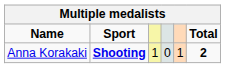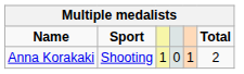 <table class="wikitable" style="font-size:85%; float:left;">
 <tr style="background:#efefef;">
 <th colspan=7>Multiple medalists</th>
 </tr>
 <tr align=center>
 <td><strong>Name</strong></td>
 <td><strong>Sport</strong></td>
 <td style="background:#f7f6a8;"></td>
 <td style="background:#dce5e5;"></td>
 <td style="background:#ffdab9;"></td>
 <td><strong>Total</strong></td>
 </tr>
 <tr align=center>
 <td><a href='#'>Anna Korakaki</a></td>
-<td><strong><a href='#'>Shooting</a></strong></td>
+<td><a href='#'>Shooting</a></td>
 <td style="background:#f7f6a8;">1</td>
 <td style="background:#dce5e5;">0</td>
 <td style="background:#ffdab9;">1</td>
-<td><strong>2</strong></td>
+<td>2</td>
 </tr>
 </table>
